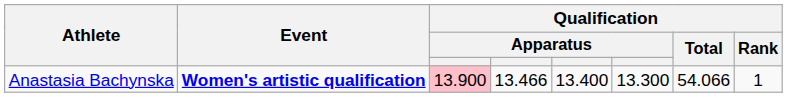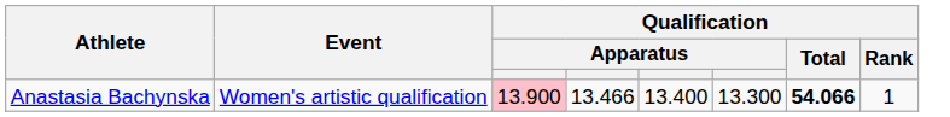 <table class="wikitable" style="font-size:90%">
 <tr>
 <th rowspan=3>Athlete</th>
 <th rowspan=3>Event</th>
 <th colspan=6>Qualification</th>
 </tr>
 <tr style="font-size:95%">
 <th colspan=4>Apparatus</th>
 <th rowspan=2>Total</th>
 <th rowspan=2>Rank</th>
 </tr>
 <tr style="font-size:95%">
 <th></th>
 <th></th>
 <th></th>
 <th></th>
 </tr>
 <tr align=center>
 <td align=left><a href='#'>Anastasia Bachynska</a></td>
-<td align=left><strong><a href='#'>Women's artistic qualification</a></strong></td>
+<td align=left><a href='#'>Women's artistic qualification</a></td>
 <td style="background: pink;">13.900 <strong></strong></td>
 <td>13.466 <strong></strong></td>
 <td>13.400 <strong></strong></td>
 <td>13.300 <strong></strong></td>
-<td>54.066</td>
+<td><strong>54.066</strong></td>
 <td>1 <strong></strong></td>
 </tr>
 </table>
